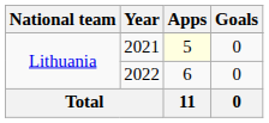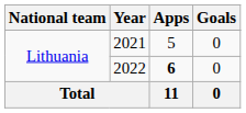 <table class="wikitable" style="text-align:center">
 <tr>
 <th>National team</th>
 <th>Year</th>
 <th>Apps</th>
 <th>Goals</th>
 </tr>
 <tr>
 <td rowspan=3><a href='#'>Lithuania</a></td>
 </tr>
 <tr>
 <td>2021</td>
-<td style="background: lightyellow;">5</td>
+<td>5</td>
 <td>0</td>
 </tr>
 <tr>
 <td>2022</td>
-<td>6</td>
+<td><strong>6</strong></td>
 <td>0</td>
 </tr>
 <tr>
 <th colspan="2">Total</th>
 <th>11</th>
 <th>0</th>
 </tr>
 </table>
